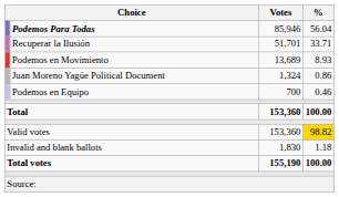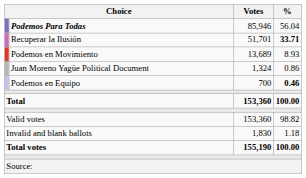 <table class="wikitable" style="text-align:right; font-size:90%;">
 <tr>
 <th colspan="2" width="375">Choice</th>
 <th width="60">Votes</th>
 <th width="40">%</th>
 </tr>
 <tr>
 <td width="1" style="color:inherit;background:#7873C0"></td>
 <td align="left"><strong><em>Podemos Para Todas<em> <strong></td>
 <td></strong>85,946<strong></td>
 <td></strong>56.04<strong></td>
 </tr>
 <tr>
 <td style="color:inherit;background:#CE69BE"></td>
 <td align="left"></em>Recuperar la Ilusión<em> </td>
 <td>51,701</td>
-<td>33.71</td>
+<td><strong>33.71</strong></td>
 </tr>
 <tr>
 <td style="color:inherit;background:#E03426"></td>
 <td align="left"></em>Podemos en Movimiento<em> </td>
 <td>13,689</td>
 <td>8.93</td>
 </tr>
 <tr>
 <td style="color:inherit;background:#B3B7B8"></td>
 <td align="left">Juan Moreno Yagüe Political Document</td>
 <td>1,324</td>
 <td>0.86</td>
 </tr>
 <tr>
 <td style="color:inherit;background:#C6C1F0"></td>
 <td align="left"></em>Podemos en Equipo<em></td>
 <td>700</td>
-<td>0.46</td>
+<td><strong>0.46</strong></td>
 </tr>
 <tr>
 <td colspan="4" bgcolor="#E9E9E9"></td>
 </tr>
 <tr style="font-weight:bold;">
 <td align="left" colspan="2">Total</td>
 <td>153,360</td>
 <td>100.00</td>
 </tr>
 <tr>
 <td colspan="4" bgcolor="#E9E9E9"></td>
 </tr>
 <tr>
 <td align="left" colspan="2">Valid votes</td>
 <td>153,360</td>
-<td style="background: gold;">98.82</td>
+<td>98.82</td>
 </tr>
 <tr>
 <td align="left" colspan="2">Invalid and blank ballots</td>
 <td>1,830</td>
 <td>1.18</td>
 </tr>
 <tr style="font-weight:bold;">
 <td align="left" colspan="2">Total votes</td>
 <td>155,190</td>
 <td>100.00</td>
 </tr>
 <tr>
 <td colspan="4" bgcolor="#E9E9E9"></td>
 </tr>
 <tr style="background-color:#F2F2F2">
 <td colspan="4" align="left">Source: </td>
 </tr>
 </table>
